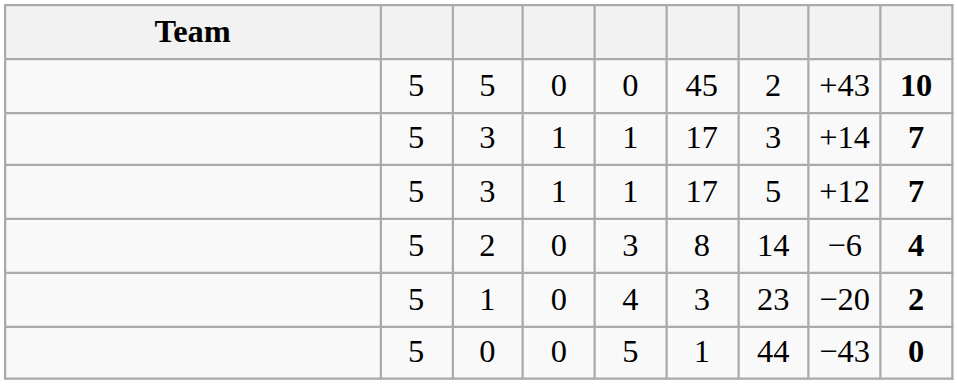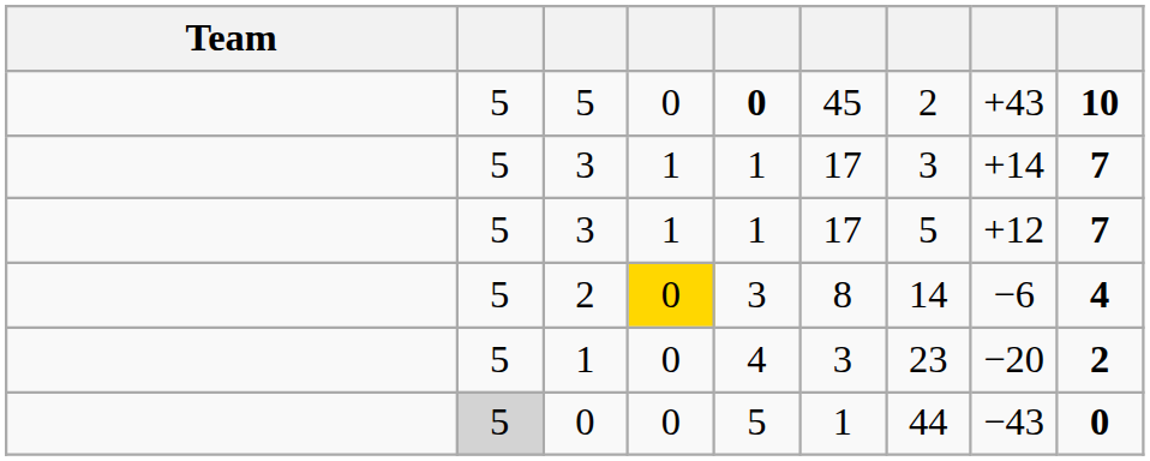 <table class="wikitable" style="text-align: center; font-size:90% ">
 <tr>
 <th width=160>Team</th>
 <th width=25></th>
 <th width=25></th>
 <th width=25></th>
 <th width=25></th>
 <th width=25></th>
 <th width=25></th>
 <th width=25></th>
 <th width=25></th>
 </tr>
 <tr>
 <td align=left></td>
 <td>5</td>
 <td>5</td>
 <td>0</td>
-<td>0</td>
+<td><strong>0</strong></td>
 <td>45</td>
 <td>2</td>
 <td>+43</td>
 <td><strong>10</strong></td>
 </tr>
 <tr>
 <td align=left></td>
 <td>5</td>
 <td>3</td>
 <td>1</td>
 <td>1</td>
 <td>17</td>
 <td>3</td>
 <td>+14</td>
 <td><strong>7</strong></td>
 </tr>
 <tr>
 <td align=left></td>
 <td>5</td>
 <td>3</td>
 <td>1</td>
 <td>1</td>
 <td>17</td>
 <td>5</td>
 <td>+12</td>
 <td><strong>7</strong></td>
 </tr>
 <tr>
 <td align=left></td>
 <td>5</td>
 <td>2</td>
-<td>0</td>
+<td style="background: gold;">0</td>
 <td>3</td>
 <td>8</td>
 <td>14</td>
 <td>−6</td>
 <td><strong>4</strong></td>
 </tr>
 <tr>
 <td align=left></td>
 <td>5</td>
 <td>1</td>
 <td>0</td>
 <td>4</td>
 <td>3</td>
 <td>23</td>
 <td>−20</td>
 <td><strong>2</strong></td>
 </tr>
 <tr>
 <td align=left></td>
-<td>5</td>
+<td style="background: lightgrey;">5</td>
 <td>0</td>
 <td>0</td>
 <td>5</td>
 <td>1</td>
 <td>44</td>
 <td>−43</td>
 <td><strong>0</strong></td>
 </tr>
 </table>
